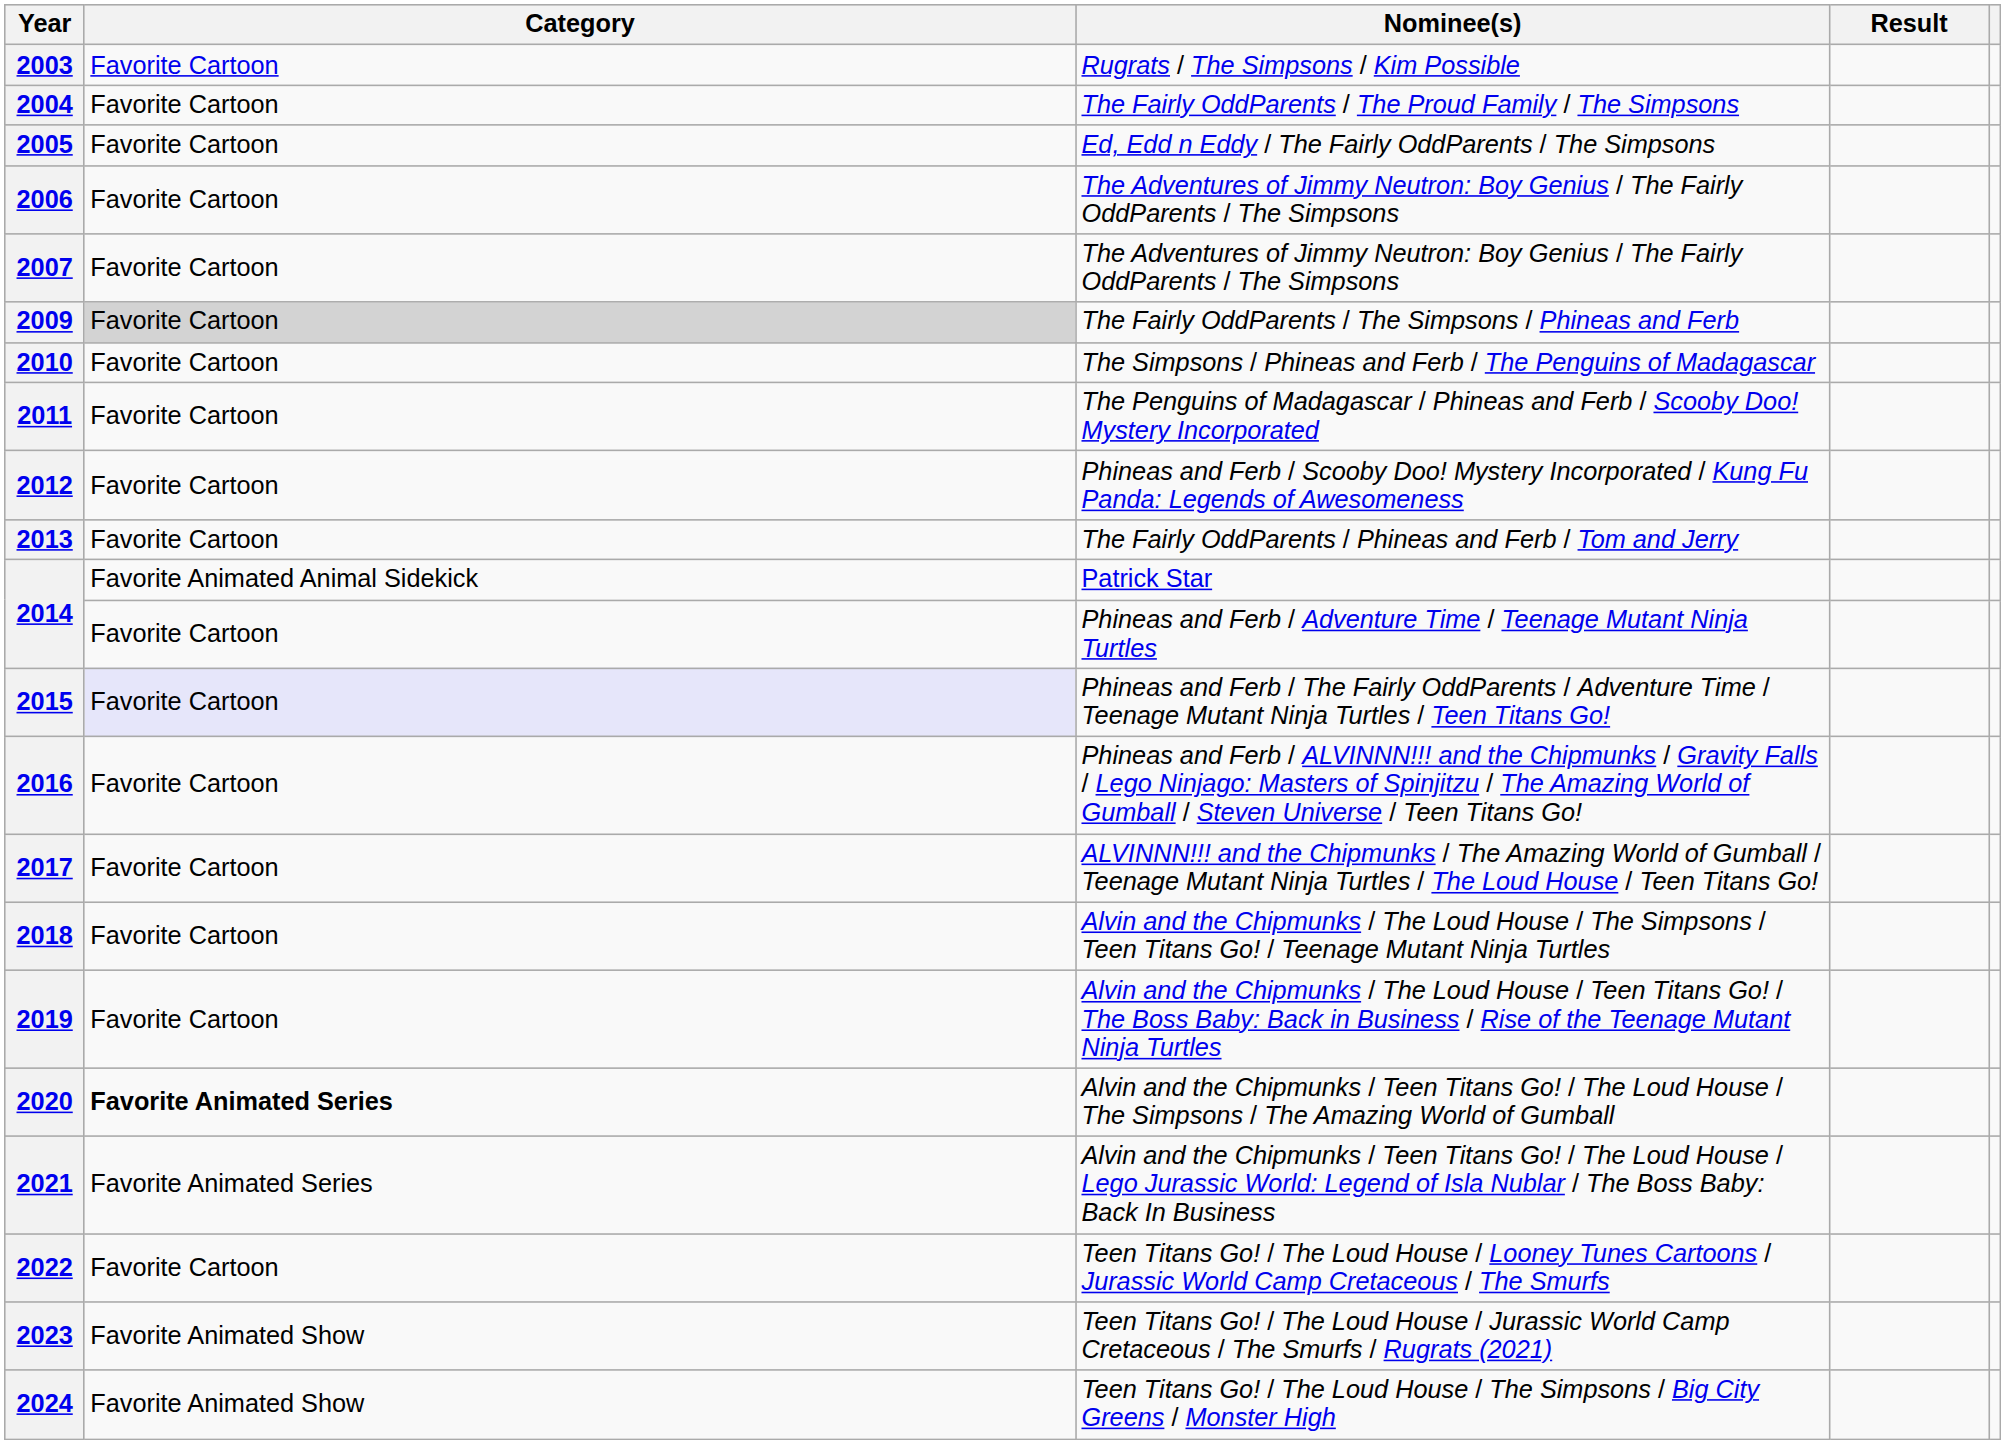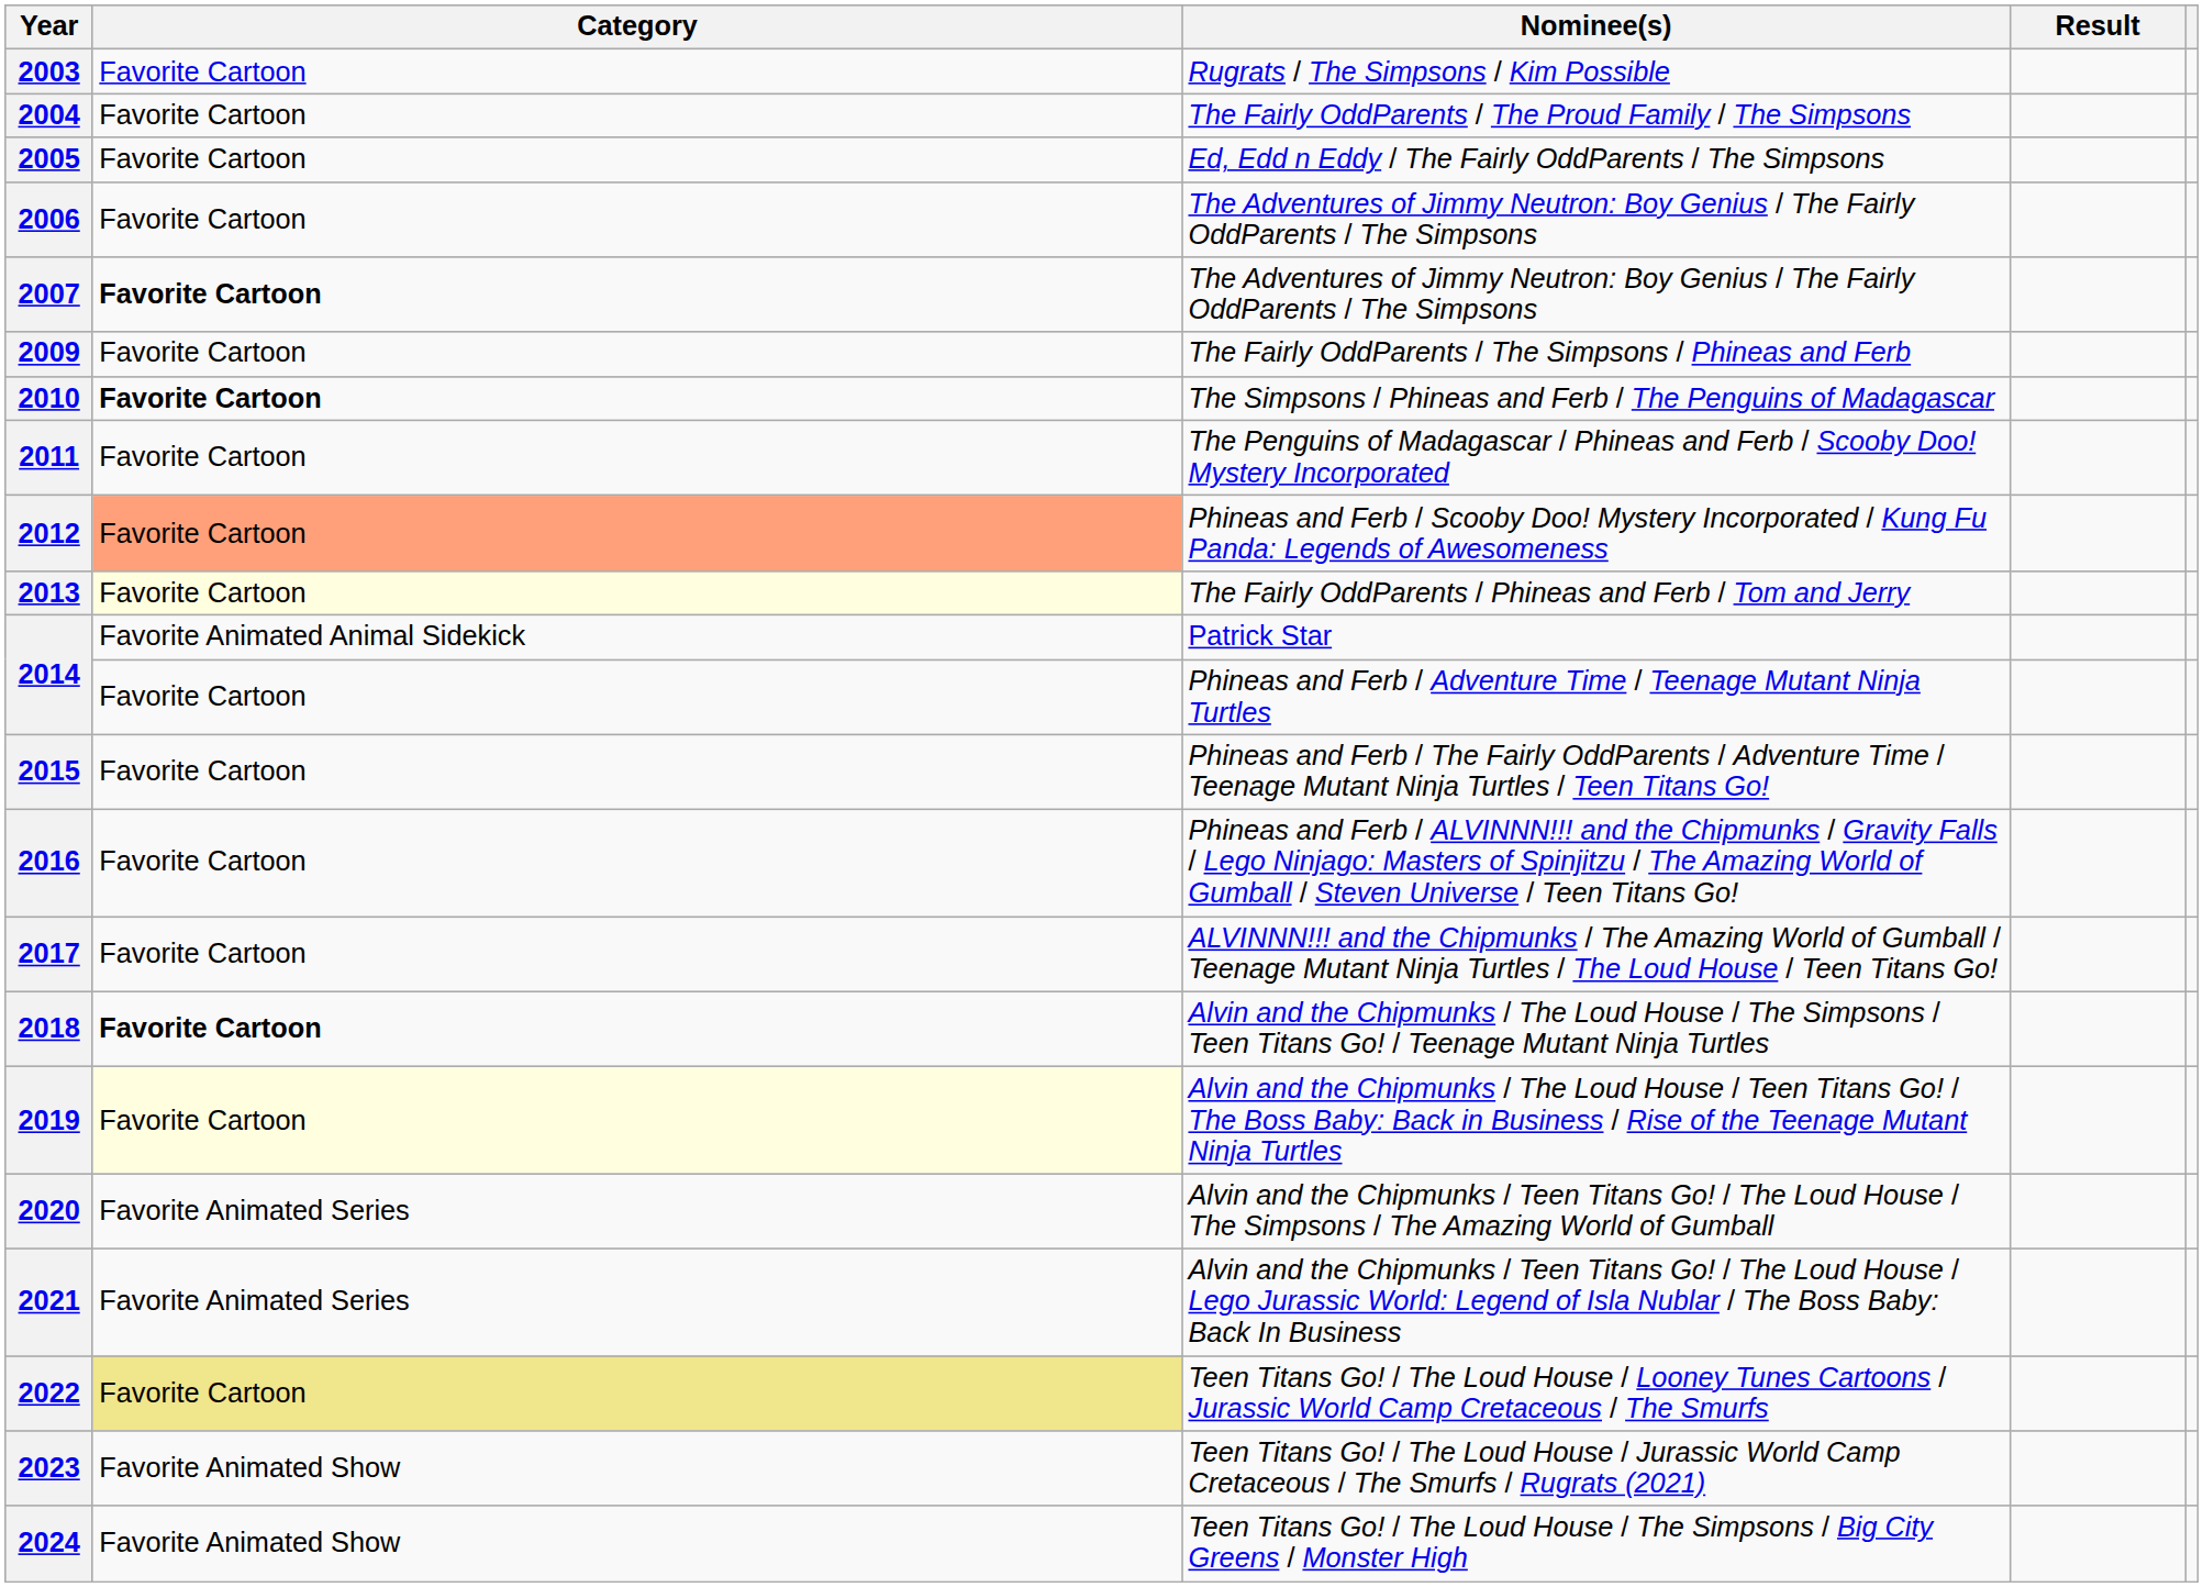 <table class="wikitable plainrowheaders" width=100%>
 <tr>
 <th scope="col" style="width:4%;">Year</th>
 <th scope="col" style="width:50%;">Category</th>
 <th scope="col" style="width:38%;">Nominee(s)</th>
 <th scope="col" style="width:9%;">Result</th>
 <th scope="col" style="width:5%;"></th>
 </tr>
 <tr>
 <th scope="row" style="text-align:center;"><a href='#'>2003</a></th>
 <td><a href='#'>Favorite Cartoon</a></td>
 <td><em><a href='#'>Rugrats</a></em> / <em><a href='#'>The Simpsons</a></em> / <em><a href='#'>Kim Possible</a></em></td>
 <td></td>
 <td align=center></td>
 </tr>
 <tr>
 <th scope="row" style="text-align:center;"><a href='#'>2004</a></th>
 <td>Favorite Cartoon</td>
 <td><em><a href='#'>The Fairly OddParents</a></em> / <em><a href='#'>The Proud Family</a></em> / <em><a href='#'>The Simpsons</a></em></td>
 <td></td>
 <td align=center></td>
 </tr>
 <tr>
 <th scope="row" style="text-align:center;"><a href='#'>2005</a></th>
 <td>Favorite Cartoon</td>
 <td><em><a href='#'>Ed, Edd n Eddy</a></em> / <em>The Fairly OddParents</em> / <em>The Simpsons</em></td>
 <td></td>
 <td align=center></td>
 </tr>
 <tr>
 <th scope="row" style="text-align:center;"><a href='#'>2006</a></th>
 <td>Favorite Cartoon</td>
 <td><em><a href='#'>The Adventures of Jimmy Neutron: Boy Genius</a></em> / <em>The Fairly OddParents</em> / <em>The Simpsons</em></td>
 <td></td>
 <td align=center></td>
 </tr>
 <tr>
 <th scope="row" style="text-align:center;"><a href='#'>2007</a></th>
-<td>Favorite Cartoon</td>
+<td><strong>Favorite Cartoon</strong></td>
 <td><em>The Adventures of Jimmy Neutron: Boy Genius</em> / <em>The Fairly OddParents</em> / <em>The Simpsons</em></td>
 <td></td>
 <td align=center></td>
 </tr>
 <tr>
 <th scope="row" style="text-align:center;"><a href='#'>2009</a></th>
-<td style="background: lightgrey;">Favorite Cartoon</td>
+<td>Favorite Cartoon</td>
 <td><em>The Fairly OddParents</em> / <em>The Simpsons</em> / <em><a href='#'>Phineas and Ferb</a></em></td>
 <td></td>
 <td align=center></td>
 </tr>
 <tr>
 <th scope="row" style="text-align:center;"><a href='#'>2010</a></th>
-<td>Favorite Cartoon</td>
+<td><strong>Favorite Cartoon</strong></td>
 <td><em>The Simpsons</em> / <em>Phineas and Ferb</em> / <em><a href='#'>The Penguins of Madagascar</a></em></td>
 <td></td>
 <td align=center></td>
 </tr>
 <tr>
 <th scope="row" style="text-align:center;"><a href='#'>2011</a></th>
 <td>Favorite Cartoon</td>
 <td><em>The Penguins of Madagascar</em> / <em>Phineas and Ferb</em> / <em><a href='#'>Scooby Doo! Mystery Incorporated</a></em></td>
 <td></td>
 <td align=center></td>
 </tr>
 <tr>
 <th scope="row" style="text-align:center;"><a href='#'>2012</a></th>
-<td>Favorite Cartoon</td>
+<td style="background: lightsalmon;">Favorite Cartoon</td>
 <td><em>Phineas and Ferb</em> / <em>Scooby Doo! Mystery Incorporated</em> / <em><a href='#'>Kung Fu Panda: Legends of Awesomeness</a></em></td>
 <td></td>
 <td align=center></td>
 </tr>
 <tr>
 <th scope="row" style="text-align:center;"><a href='#'>2013</a></th>
-<td>Favorite Cartoon</td>
+<td style="background: lightyellow;">Favorite Cartoon</td>
 <td><em>The Fairly OddParents</em> / <em>Phineas and Ferb</em> / <em><a href='#'>Tom and Jerry</a></em></td>
 <td></td>
 <td align=center></td>
 </tr>
 <tr>
 <th scope="row" rowspan="2" style="text-align:center;"><a href='#'>2014</a></th>
 <td>Favorite Animated Animal Sidekick</td>
 <td><a href='#'>Patrick Star</a></td>
 <td></td>
 <td align=center></td>
 </tr>
 <tr>
 <td>Favorite Cartoon</td>
 <td><em>Phineas and Ferb</em> / <em><a href='#'>Adventure Time</a></em> / <em><a href='#'>Teenage Mutant Ninja Turtles</a></em></td>
 <td></td>
 <td align=center></td>
 </tr>
 <tr>
 <th scope="row" style="text-align:center;"><a href='#'>2015</a></th>
-<td style="background: lavender;">Favorite Cartoon</td>
+<td>Favorite Cartoon</td>
 <td><em>Phineas and Ferb</em> / <em>The Fairly OddParents</em> / <em>Adventure Time</em> / <em>Teenage Mutant Ninja Turtles</em> / <em><a href='#'>Teen Titans Go!</a></em></td>
 <td></td>
 <td align=center></td>
 </tr>
 <tr>
 <th scope="row" style="text-align:center;"><a href='#'>2016</a></th>
 <td>Favorite Cartoon</td>
 <td><em>Phineas and Ferb</em> / <em><a href='#'>ALVINNN!!! and the Chipmunks</a></em> / <em><a href='#'>Gravity Falls</a></em> / <em><a href='#'>Lego Ninjago: Masters of Spinjitzu</a></em> / <em><a href='#'>The Amazing World of Gumball</a></em> / <em><a href='#'>Steven Universe</a></em> / <em>Teen Titans Go!</em></td>
 <td></td>
 <td align=center></td>
 </tr>
 <tr>
 <th scope="row" style="text-align:center;"><a href='#'>2017</a></th>
 <td>Favorite Cartoon</td>
 <td><em><a href='#'>ALVINNN!!! and the Chipmunks</a></em> / <em>The Amazing World of Gumball</em> / <em>Teenage Mutant Ninja Turtles</em> / <em><a href='#'>The Loud House</a></em> / <em>Teen Titans Go!</em></td>
 <td></td>
 <td align=center></td>
 </tr>
 <tr>
 <th scope="row" style="text-align:center;"><a href='#'>2018</a></th>
-<td>Favorite Cartoon</td>
+<td><strong>Favorite Cartoon</strong></td>
 <td><em><a href='#'>Alvin and the Chipmunks</a></em> / <em>The Loud House</em> / <em>The Simpsons</em> / <em>Teen Titans Go!</em> / <em>Teenage Mutant Ninja Turtles</em></td>
 <td></td>
 <td align=center></td>
 </tr>
 <tr>
 <th scope="row" style="text-align:center;"><a href='#'>2019</a></th>
-<td>Favorite Cartoon</td>
+<td style="background: lightyellow;">Favorite Cartoon</td>
 <td><em><a href='#'>Alvin and the Chipmunks</a></em> / <em>The Loud House</em> / <em>Teen Titans Go!</em> / <em><a href='#'>The Boss Baby: Back in Business</a></em> / <em><a href='#'>Rise of the Teenage Mutant Ninja Turtles</a></em></td>
 <td></td>
 <td align=center></td>
 </tr>
 <tr>
 <th scope="row" style="text-align:center;"><a href='#'>2020</a></th>
-<td><strong>Favorite Animated Series</strong></td>
+<td>Favorite Animated Series</td>
 <td><em>Alvin and the Chipmunks</em> / <em>Teen Titans Go!</em> / <em>The Loud House</em> / <em>The Simpsons</em> / <em>The Amazing World of Gumball</em></td>
 <td></td>
 <td align=center></td>
 </tr>
 <tr>
 <th scope="row" style="text-align:center;"><a href='#'>2021</a></th>
 <td>Favorite Animated Series</td>
 <td><em>Alvin and the Chipmunks</em> / <em>Teen Titans Go!</em> / <em>The Loud House</em> / <em><a href='#'>Lego Jurassic World: Legend of Isla Nublar</a></em> / <em>The Boss Baby: Back In Business</em></td>
 <td></td>
 <td align=center></td>
 </tr>
 <tr>
 <th scope="row" style="text-align:center;"><a href='#'>2022</a></th>
-<td>Favorite Cartoon</td>
+<td style="background: khaki;">Favorite Cartoon</td>
 <td><em>Teen Titans Go!</em> / <em>The Loud House</em> / <em><a href='#'>Looney Tunes Cartoons</a></em> / <em><a href='#'>Jurassic World Camp Cretaceous</a></em> / <em><a href='#'>The Smurfs</a></em></td>
 <td></td>
 <td align=center></td>
 </tr>
 <tr>
 <th scope="row" style="text-align:center;"><a href='#'>2023</a></th>
 <td>Favorite Animated Show</td>
 <td><em>Teen Titans Go!</em> / <em>The Loud House</em> / <em>Jurassic World Camp Cretaceous</em> / <em>The Smurfs</em> / <em><a href='#'>Rugrats (2021)</a></em></td>
 <td></td>
 <td align=center></td>
 </tr>
 <tr>
 <th scope="row" style="text-align:center;"><a href='#'>2024</a></th>
 <td>Favorite Animated Show</td>
 <td><em>Teen Titans Go!</em> / <em>The Loud House</em> / <em>The Simpsons</em> / <em><a href='#'>Big City Greens</a></em> / <em><a href='#'>Monster High</a></em></td>
 <td></td>
 <td align=center></td>
 </tr>
 </table>
